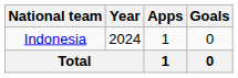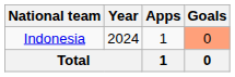 <table class="wikitable" style="text-align:center">
 <tr>
 <th>National team</th>
 <th>Year</th>
 <th>Apps</th>
 <th>Goals</th>
 </tr>
 <tr>
 <td rowspan="1"><a href='#'>Indonesia</a></td>
 <td>2024</td>
 <td>1</td>
-<td>0</td>
+<td style="background: lightsalmon;">0</td>
 </tr>
 <tr>
 <th colspan="2">Total</th>
 <th>1</th>
 <th>0</th>
 </tr>
 </table>
